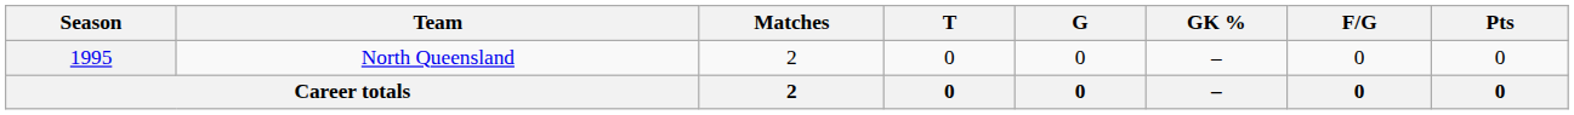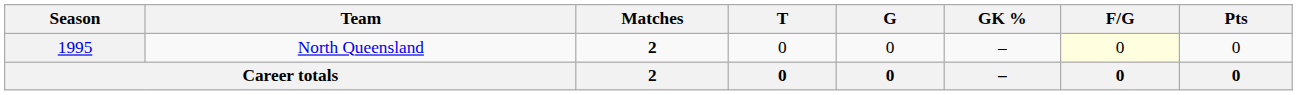 <table class="wikitable sortable"  style="font-size:90%; text-align:center; width:85%;">
 <tr>
 <th width=2%>Season</th>
 <th width=8%>Team</th>
 <th width=2%>Matches</th>
 <th width=2%>T</th>
 <th width=2%>G</th>
 <th width=2%>GK %</th>
 <th width=2%>F/G</th>
 <th width=2%>Pts</th>
 </tr>
 <tr>
 <th scope="row" style="text-align:center; font-weight:normal"><a href='#'>1995</a></th>
 <td style="text-align:center;"> <a href='#'>North Queensland</a></td>
-<td>2</td>
+<td><strong>2</strong></td>
 <td>0</td>
 <td>0</td>
 <td>–</td>
-<td>0</td>
+<td style="background: lightyellow;">0</td>
 <td>0</td>
 </tr>
 <tr class="sortbottom">
 <th colspan=2>Career totals</th>
 <th>2</th>
 <th>0</th>
 <th>0</th>
 <th>–</th>
 <th>0</th>
 <th>0</th>
 </tr>
 </table>
